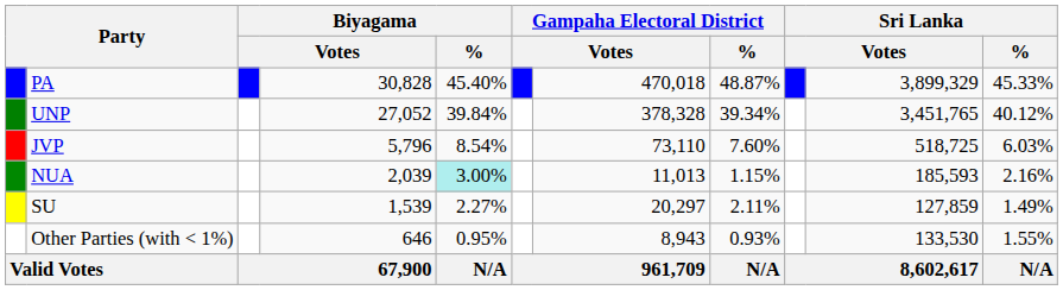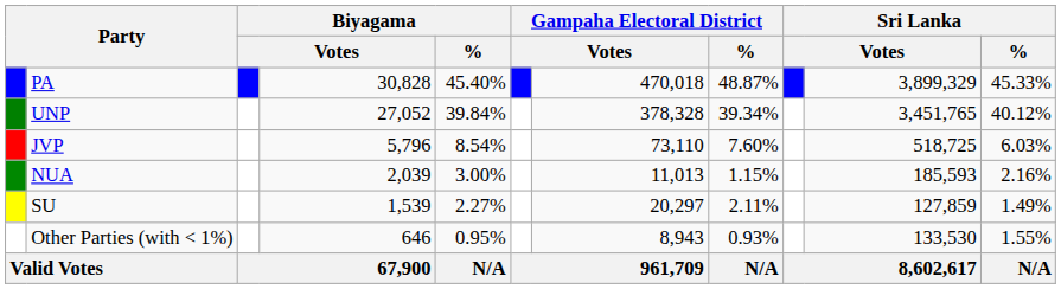 <table class="wikitable">
 <tr>
 <th colspan="2" width="144px"rowspan="2">Party</th>
 <th colspan="3" width="216px">Biyagama</th>
 <th colspan="3" width="216px"><a href='#'>Gampaha Electoral District</a></th>
 <th colspan="3" width="216px">Sri Lanka</th>
 </tr>
 <tr>
 <th colspan="2" width="144px">Votes</th>
 <th>%</th>
 <th colspan="2" width="144px">Votes</th>
 <th>%</th>
 <th colspan="2" width="144px">Votes</th>
 <th>%</th>
 </tr>
 <tr>
 <td style="background-color:blue;" width="10px"></td>
 <td style="text-align:left;"><a href='#'>PA</a></td>
 <td style="background-color:blue;" width="10px"></td>
 <td style="text-align:right;">30,828</td>
 <td style="text-align:right;">45.40%</td>
 <td style="background-color:blue;" width="10px"></td>
 <td style="text-align:right;">470,018</td>
 <td style="text-align:right;">48.87%</td>
 <td style="background-color:blue;" width="10px"></td>
 <td style="text-align:right;">3,899,329</td>
 <td style="text-align:right;">45.33%</td>
 </tr>
 <tr>
 <td style="background-color:green;" width="10px"></td>
 <td style="text-align:left;"><a href='#'>UNP</a></td>
 <td style="background-color:white;" width="10px"></td>
 <td style="text-align:right;">27,052</td>
 <td style="text-align:right;">39.84%</td>
 <td style="background-color:white;" width="10px"></td>
 <td style="text-align:right;">378,328</td>
 <td style="text-align:right;">39.34%</td>
 <td style="background-color:white;" width="10px"></td>
 <td style="text-align:right;">3,451,765</td>
 <td style="text-align:right;">40.12%</td>
 </tr>
 <tr>
 <td style="background-color:red;" width="10px"></td>
 <td style="text-align:left;"><a href='#'>JVP</a></td>
 <td style="background-color:white;" width="10px"></td>
 <td style="text-align:right;">5,796</td>
 <td style="text-align:right;">8.54%</td>
 <td style="background-color:white;" width="10px"></td>
 <td style="text-align:right;">73,110</td>
 <td style="text-align:right;">7.60%</td>
 <td style="background-color:white;" width="10px"></td>
 <td style="text-align:right;">518,725</td>
 <td style="text-align:right;">6.03%</td>
 </tr>
 <tr>
 <td style="background-color:#008800;" width="10px"></td>
 <td style="text-align:left;"><a href='#'>NUA</a></td>
 <td style="background-color:white;" width="10px"></td>
 <td style="text-align:right;">2,039</td>
-<td style="background: paleturquoise; text-align:right;">3.00%</td>
+<td style="text-align:right;">3.00%</td>
 <td style="background-color:white;" width="10px"></td>
 <td style="text-align:right;">11,013</td>
 <td style="text-align:right;">1.15%</td>
 <td style="background-color:white;" width="10px"></td>
 <td style="text-align:right;">185,593</td>
 <td style="text-align:right;">2.16%</td>
 </tr>
 <tr>
 <td style="background-color:yellow;" width="10px"></td>
 <td style="text-align:left;">SU</td>
 <td style="background-color:white;" width="10px"></td>
 <td style="text-align:right;">1,539</td>
 <td style="text-align:right;">2.27%</td>
 <td style="background-color:white;" width="10px"></td>
 <td style="text-align:right;">20,297</td>
 <td style="text-align:right;">2.11%</td>
 <td style="background-color:white;" width="10px"></td>
 <td style="text-align:right;">127,859</td>
 <td style="text-align:right;">1.49%</td>
 </tr>
 <tr>
 <td style="background-color:white;" width="10px"></td>
 <td style="text-align:left;">Other Parties (with < 1%)</td>
 <td style="background-color:white;" width="10px"></td>
 <td style="text-align:right;">646</td>
 <td style="text-align:right;">0.95%</td>
 <td style="background-color:white;" width="10px"></td>
 <td style="text-align:right;">8,943</td>
 <td style="text-align:right;">0.93%</td>
 <td style="background-color:white;" width="10px"></td>
 <td style="text-align:right;">133,530</td>
 <td style="text-align:right;">1.55%</td>
 </tr>
 <tr>
 <th colspan="2" width="144px"style="text-align:left;">Valid Votes</th>
 <th style="text-align:right;"colspan="2" width="144px">67,900</th>
 <th style="text-align:right;">N/A</th>
 <th style="text-align:right;"colspan="2" width="144px">961,709</th>
 <th style="text-align:right;">N/A</th>
 <th style="text-align:right;"colspan="2" width="144px">8,602,617</th>
 <th style="text-align:right;">N/A</th>
 </tr>
 </table>
